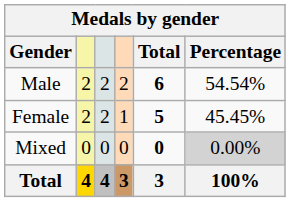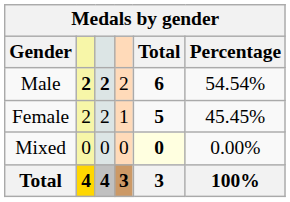 <table class=wikitable style="font-size:85%;float:left;text-align:center">
 <tr>
 <th colspan=6>Medals by gender</th>
 </tr>
 <tr>
 <th>Gender</th>
 <td bgcolor=F7F6A8></td>
 <td bgcolor=DCE5E5></td>
 <td bgcolor=FFDAB9></td>
 <th>Total</th>
 <th>Percentage</th>
 </tr>
 <tr>
 <td>Male</td>
-<td bgcolor=F7F6A8>2</td>
-<td bgcolor=DCE5E5>2</td>
+<td bgcolor=F7F6A8><strong>2</strong></td>
+<td bgcolor=DCE5E5><strong>2</strong></td>
 <td bgcolor=FFDAB9>2</td>
 <td><strong>6</strong></td>
 <td>54.54%</td>
 </tr>
 <tr>
 <td>Female</td>
 <td bgcolor=F7F6A8>2</td>
 <td bgcolor=DCE5E5>2</td>
 <td bgcolor=FFDAB9>1</td>
 <td><strong>5</strong></td>
 <td>45.45%</td>
 </tr>
 <tr>
 <td>Mixed</td>
 <td bgcolor=F7F6A8>0</td>
 <td bgcolor=DCE5E5>0</td>
 <td bgcolor=FFDAB9>0</td>
-<td><strong>0</strong></td>
-<td style="background: lightgrey;">0.00%</td>
+<td style="background: lightyellow;"><strong>0</strong></td>
+<td>0.00%</td>
 </tr>
 <tr>
 <th>Total</th>
 <th style=background:gold>4</th>
 <th style=background:silver>4</th>
 <th style=background:#c96>3</th>
 <th>3</th>
 <th>100%</th>
 </tr>
 </table>
